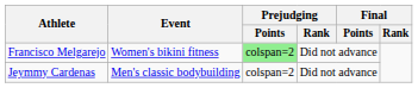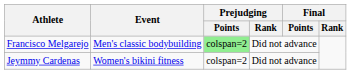 <table class=wikitable style="font-size:90%">
 <tr>
 <th rowspan="2">Athlete</th>
 <th rowspan="2">Event</th>
 <th colspan="2">Prejudging</th>
 <th colspan="2">Final</th>
 </tr>
 <tr style="font-size:95%">
 <th>Points</th>
 <th>Rank</th>
 <th>Points</th>
 <th>Rank</th>
 </tr>
 <tr align=center>
 <td align=left><a href='#'>Francisco Melgarejo</a></td>
-<td align=left><a href='#'>Women's bikini fitness</a></td>
+<td align=left><a href='#'>Men's classic bodybuilding</a></td>
 <td style="background: lightgreen;">colspan=2 </td>
 <td colspan=2>Did not advance</td>
 </tr>
 <tr align=center>
 <td align=left><a href='#'>Jeymmy Cardenas</a></td>
-<td align=left><a href='#'>Men's classic bodybuilding</a></td>
+<td align=left><a href='#'>Women's bikini fitness</a></td>
 <td>colspan=2 </td>
 <td colspan=2>Did not advance</td>
 </tr>
 </table>
